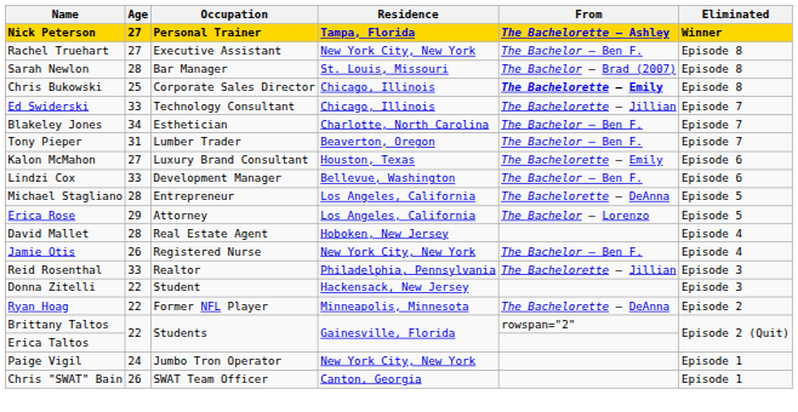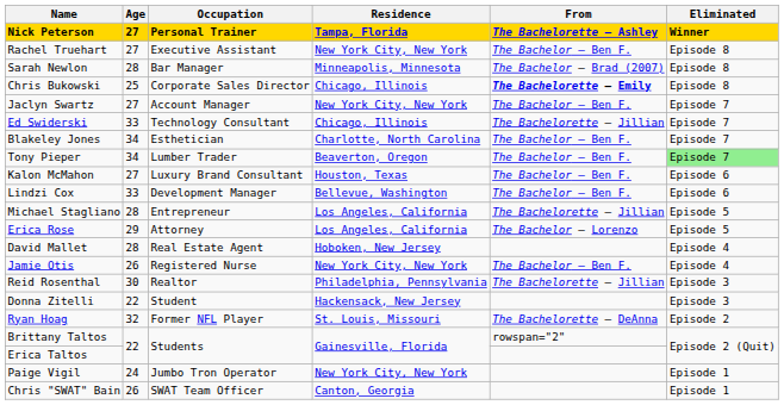 <table class="wikitable">
 <tr>
 <th>Name</th>
 <th>Age</th>
 <th>Occupation</th>
 <th>Residence</th>
 <th>From</th>
 <th>Eliminated</th>
 </tr>
 <tr bgcolor="gold">
 <td><strong>Nick Peterson</strong></td>
 <td><strong>27</strong></td>
 <td><strong>Personal Trainer</strong></td>
 <td><strong><a href='#'>Tampa, Florida</a></strong></td>
 <td><strong><a href='#'><em>The Bachelorette</em> – Ashley</a></strong></td>
 <td><strong>Winner</strong></td>
 </tr>
 <tr>
 <td>Rachel Truehart</td>
 <td>27</td>
 <td>Executive Assistant</td>
 <td><a href='#'>New York City, New York</a></td>
 <td><a href='#'><em>The Bachelor</em> – Ben F.</a></td>
 <td>Episode 8</td>
 </tr>
 <tr>
 <td>Sarah Newlon</td>
 <td>28</td>
 <td>Bar Manager</td>
-<td><a href='#'>St. Louis, Missouri</a></td>
+<td><a href='#'>Minneapolis, Minnesota</a></td>
 <td><a href='#'><em>The Bachelor</em></a> – <a href='#'>Brad (2007)</a></td>
 <td>Episode 8</td>
 </tr>
 <tr>
 <td>Chris Bukowski</td>
 <td>25</td>
 <td>Corporate Sales Director</td>
 <td><a href='#'>Chicago, Illinois</a></td>
 <td><strong><a href='#'><em>The Bachelorette</em></a> – <a href='#'>Emily</a></strong></td>
 <td>Episode 8</td>
+</tr>
+<tr>
+<td>Jaclyn Swartz</td>
+<td>27</td>
+<td>Account Manager</td>
+<td><a href='#'>New York City, New York</a></td>
+<td><a href='#'><em>The Bachelor</em> – Ben F.</a></td>
+<td>Episode 7</td>
 </tr>
 <tr>
 <td><a href='#'>Ed Swiderski</a></td>
 <td>33</td>
 <td>Technology Consultant</td>
 <td><a href='#'>Chicago, Illinois</a></td>
 <td><a href='#'><em>The Bachelorette</em></a> – <a href='#'>Jillian</a></td>
 <td>Episode 7</td>
 </tr>
 <tr>
 <td>Blakeley Jones</td>
 <td>34</td>
 <td>Esthetician</td>
 <td><a href='#'>Charlotte, North Carolina</a></td>
 <td><a href='#'><em>The Bachelor</em> – Ben F.</a></td>
 <td>Episode 7</td>
 </tr>
 <tr>
 <td>Tony Pieper</td>
-<td>31</td>
+<td>34</td>
 <td>Lumber Trader</td>
 <td><a href='#'>Beaverton, Oregon</a></td>
 <td><a href='#'><em>The Bachelor</em> – Ben F.</a></td>
-<td>Episode 7</td>
+<td style="background: lightgreen;">Episode 7</td>
 </tr>
 <tr>
 <td>Kalon McMahon</td>
 <td>27</td>
 <td>Luxury Brand Consultant</td>
 <td><a href='#'>Houston, Texas</a></td>
-<td><a href='#'><em>The Bachelorette</em></a> – <a href='#'>Emily</a></td>
+<td><a href='#'><em>The Bachelor</em> – Ben F.</a></td>
 <td>Episode 6</td>
 </tr>
 <tr>
 <td>Lindzi Cox</td>
 <td>33</td>
 <td>Development Manager</td>
 <td><a href='#'>Bellevue, Washington</a></td>
 <td><a href='#'><em>The Bachelor</em> – Ben F.</a></td>
 <td>Episode 6</td>
 </tr>
 <tr>
 <td>Michael Stagliano</td>
 <td>28</td>
 <td>Entrepreneur</td>
 <td><a href='#'>Los Angeles, California</a></td>
-<td><a href='#'><em>The Bachelorette</em></a> – <a href='#'>DeAnna</a></td>
+<td><a href='#'><em>The Bachelorette</em></a> – <a href='#'>Jillian</a></td>
 <td>Episode 5</td>
 </tr>
 <tr>
 <td><a href='#'>Erica Rose</a></td>
 <td>29</td>
 <td>Attorney</td>
 <td><a href='#'>Los Angeles, California</a></td>
 <td><a href='#'><em>The Bachelor</em></a> – <a href='#'>Lorenzo</a></td>
 <td>Episode 5</td>
 </tr>
 <tr>
 <td>David Mallet</td>
 <td>28</td>
 <td>Real Estate Agent</td>
 <td><a href='#'>Hoboken, New Jersey</a></td>
 <td></td>
 <td>Episode 4</td>
 </tr>
 <tr>
 <td><a href='#'>Jamie Otis</a></td>
 <td>26</td>
 <td>Registered Nurse</td>
 <td><a href='#'>New York City, New York</a></td>
 <td><a href='#'><em>The Bachelor</em> – Ben F.</a></td>
 <td>Episode 4</td>
 </tr>
 <tr>
 <td>Reid Rosenthal</td>
-<td>33</td>
+<td>30</td>
 <td>Realtor</td>
 <td><a href='#'>Philadelphia, Pennsylvania</a></td>
 <td><a href='#'><em>The Bachelorette</em></a> – <a href='#'>Jillian</a></td>
 <td>Episode 3</td>
 </tr>
 <tr>
 <td>Donna Zitelli</td>
 <td>22</td>
 <td>Student</td>
 <td><a href='#'>Hackensack, New Jersey</a></td>
 <td></td>
 <td>Episode 3</td>
 </tr>
 <tr>
 <td><a href='#'>Ryan Hoag</a></td>
-<td>22</td>
+<td>32</td>
 <td>Former <a href='#'>NFL</a> Player</td>
-<td><a href='#'>Minneapolis, Minnesota</a></td>
+<td><a href='#'>St. Louis, Missouri</a></td>
 <td><a href='#'><em>The Bachelorette</em></a> – <a href='#'>DeAnna</a></td>
 <td>Episode 2</td>
 </tr>
 <tr>
 <td>Brittany Taltos</td>
 <td rowspan="2">22</td>
 <td rowspan="2">Students</td>
 <td rowspan="2"><a href='#'>Gainesville, Florida</a></td>
 <td>rowspan="2" </td>
 <td rowspan="2">Episode 2 (Quit)</td>
 </tr>
 <tr>
 <td>Erica Taltos</td>
 </tr>
 <tr>
 <td>Paige Vigil</td>
 <td>24</td>
 <td>Jumbo Tron Operator</td>
 <td><a href='#'>New York City, New York</a></td>
 <td></td>
 <td>Episode 1</td>
 </tr>
 <tr>
 <td>Chris "SWAT" Bain</td>
 <td>26</td>
 <td>SWAT Team Officer</td>
 <td><a href='#'>Canton, Georgia</a></td>
 <td></td>
 <td>Episode 1</td>
 </tr>
 </table>
